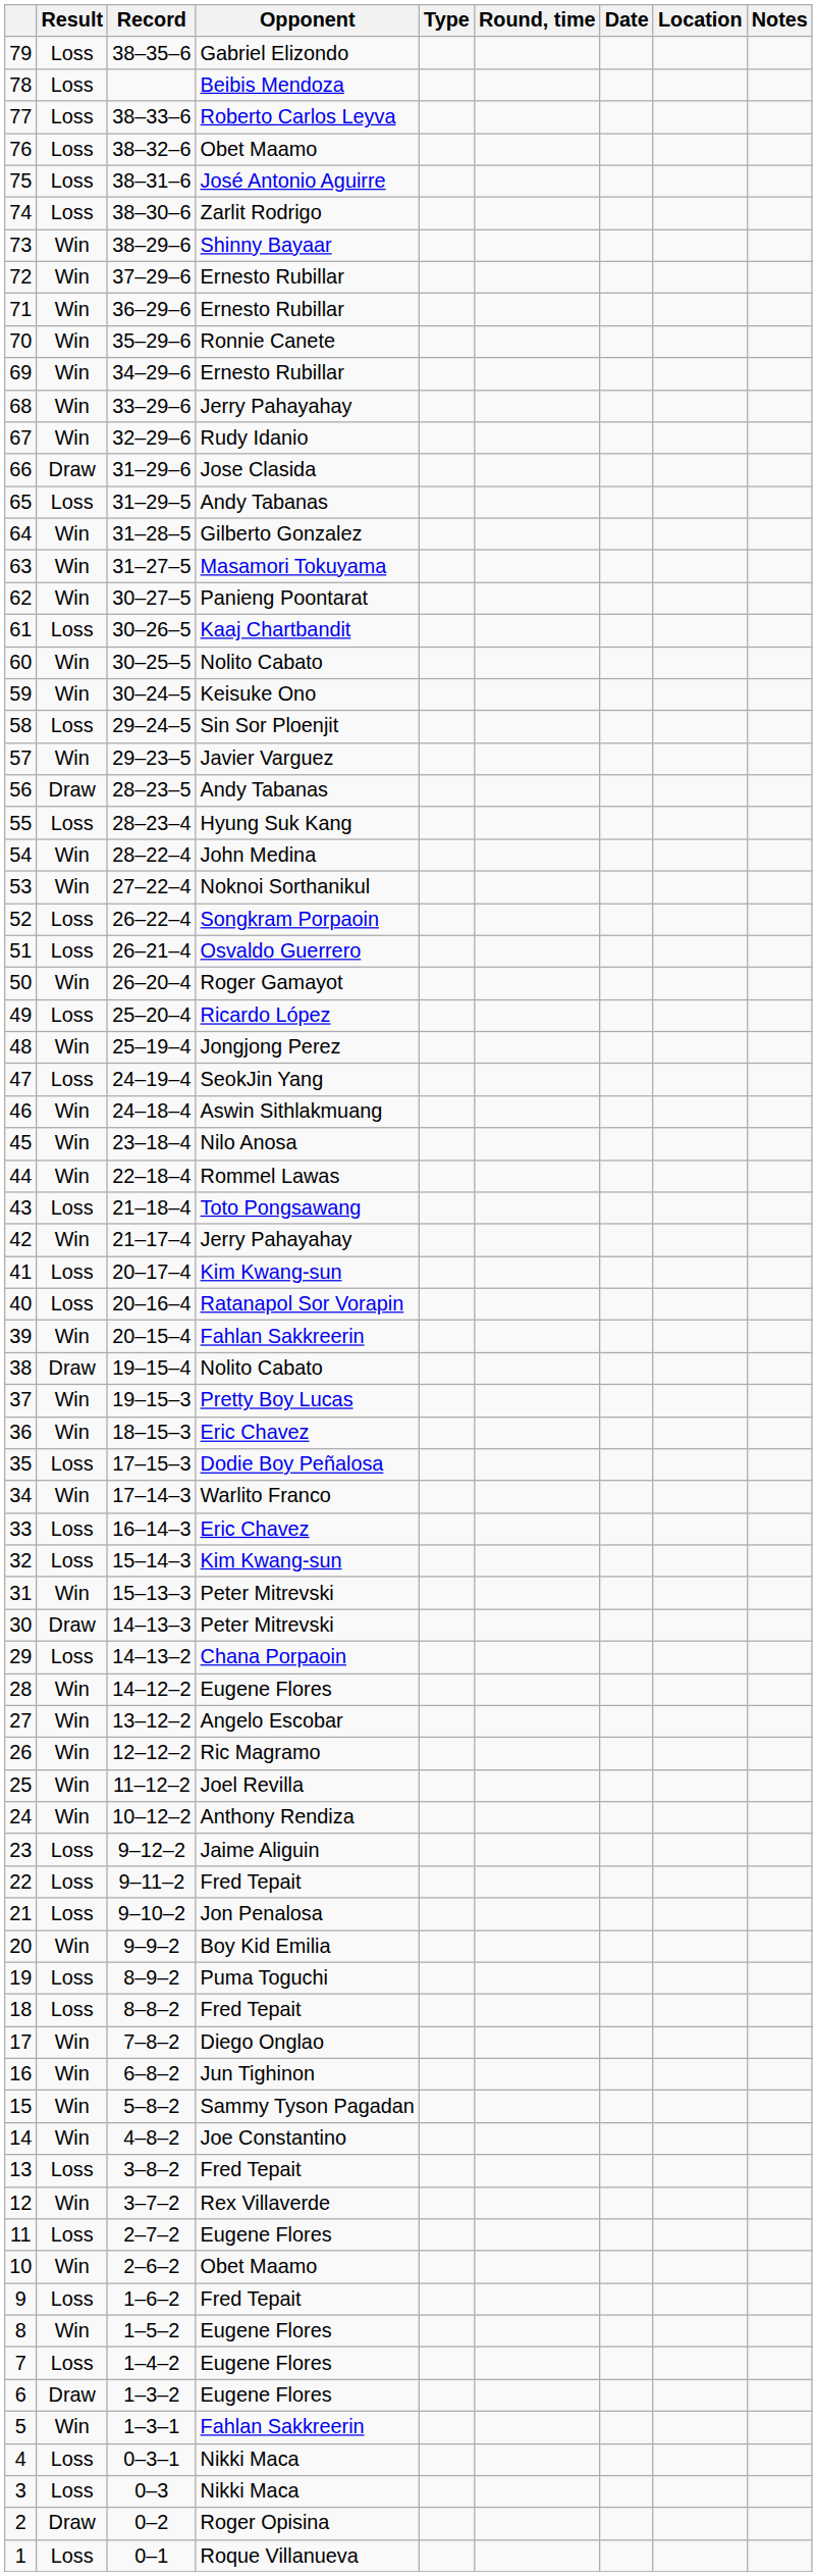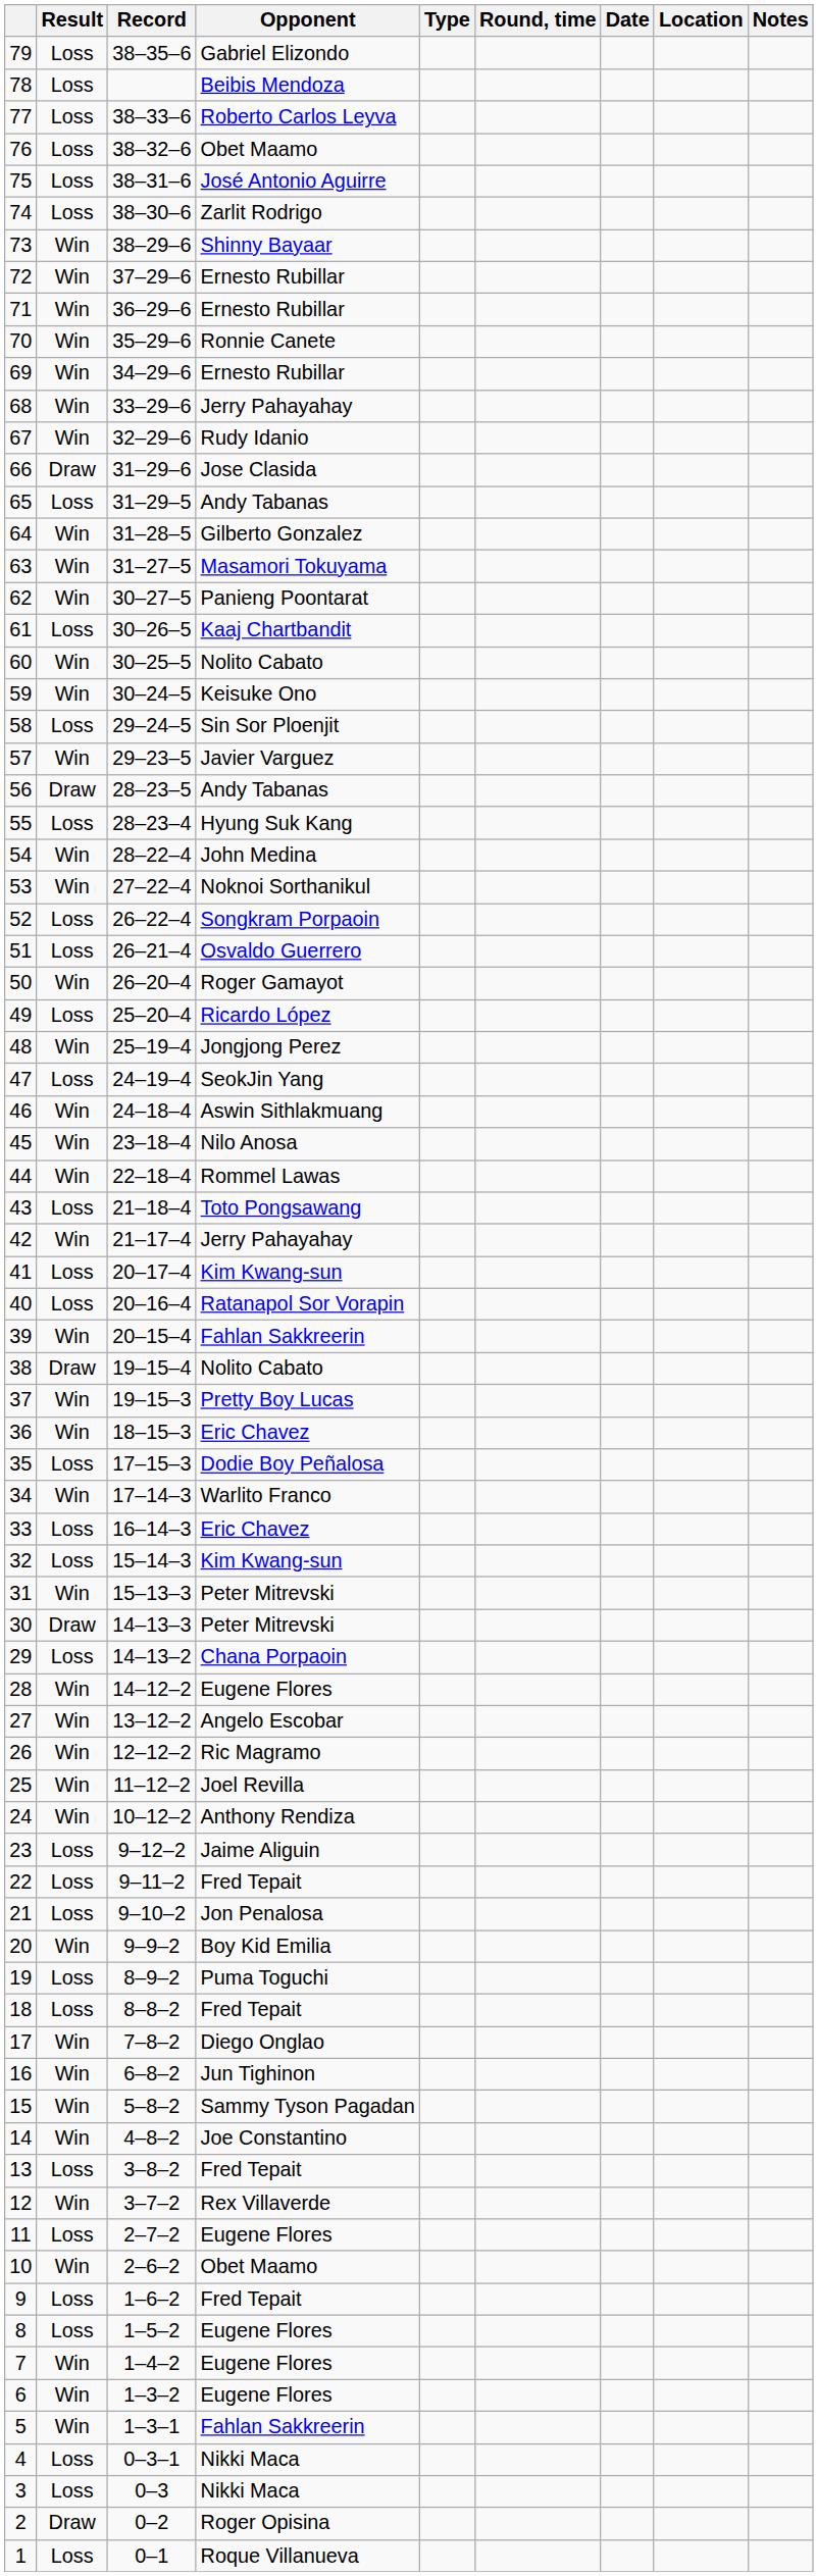 <table class="wikitable" style="text-align:center">
 <tr>
 <th></th>
 <th>Result</th>
 <th>Record</th>
 <th>Opponent</th>
 <th>Type</th>
 <th>Round, time</th>
 <th>Date</th>
 <th>Location</th>
 <th>Notes</th>
 </tr>
 <tr>
 <td>79</td>
 <td>Loss</td>
 <td>38–35–6</td>
 <td align=left>Gabriel Elizondo</td>
 <td></td>
 <td></td>
 <td></td>
 <td align=left></td>
 <td align=left></td>
 </tr>
 <tr>
 <td>78</td>
 <td>Loss</td>
 <td></td>
 <td align=left><a href='#'>Beibis Mendoza</a></td>
 <td></td>
 <td></td>
 <td></td>
 <td align=left></td>
 <td align=left></td>
 </tr>
 <tr>
 <td>77</td>
 <td>Loss</td>
 <td>38–33–6</td>
 <td align=left><a href='#'>Roberto Carlos Leyva</a></td>
 <td></td>
 <td></td>
 <td></td>
 <td align=left></td>
 <td align=left></td>
 </tr>
 <tr>
 <td>76</td>
 <td>Loss</td>
 <td>38–32–6</td>
 <td align=left>Obet Maamo</td>
 <td></td>
 <td></td>
 <td></td>
 <td align=left></td>
 <td align=left></td>
 </tr>
 <tr>
 <td>75</td>
 <td>Loss</td>
 <td>38–31–6</td>
 <td align=left><a href='#'>José Antonio Aguirre</a></td>
 <td></td>
 <td></td>
 <td></td>
 <td align=left></td>
 <td align=left></td>
 </tr>
 <tr>
 <td>74</td>
 <td>Loss</td>
 <td>38–30–6</td>
 <td align=left>Zarlit Rodrigo</td>
 <td></td>
 <td></td>
 <td></td>
 <td align=left></td>
 <td align=left></td>
 </tr>
 <tr>
 <td>73</td>
 <td>Win</td>
 <td>38–29–6</td>
 <td align=left><a href='#'>Shinny Bayaar</a></td>
 <td></td>
 <td></td>
 <td></td>
 <td align=left></td>
 <td align=left></td>
 </tr>
 <tr>
 <td>72</td>
 <td>Win</td>
 <td>37–29–6</td>
 <td align=left>Ernesto Rubillar</td>
 <td></td>
 <td></td>
 <td></td>
 <td align=left></td>
 <td align=left></td>
 </tr>
 <tr>
 <td>71</td>
 <td>Win</td>
 <td>36–29–6</td>
 <td align=left>Ernesto Rubillar</td>
 <td></td>
 <td></td>
 <td></td>
 <td align=left></td>
 <td align=left></td>
 </tr>
 <tr>
 <td>70</td>
 <td>Win</td>
 <td>35–29–6</td>
 <td align=left>Ronnie Canete</td>
 <td></td>
 <td></td>
 <td></td>
 <td align=left></td>
 <td align=left></td>
 </tr>
 <tr>
 <td>69</td>
 <td>Win</td>
 <td>34–29–6</td>
 <td align=left>Ernesto Rubillar</td>
 <td></td>
 <td></td>
 <td></td>
 <td align=left></td>
 <td align=left></td>
 </tr>
 <tr>
 <td>68</td>
 <td>Win</td>
 <td>33–29–6</td>
 <td align=left>Jerry Pahayahay</td>
 <td></td>
 <td></td>
 <td></td>
 <td align=left></td>
 <td align=left></td>
 </tr>
 <tr>
 <td>67</td>
 <td>Win</td>
 <td>32–29–6</td>
 <td align=left>Rudy Idanio</td>
 <td></td>
 <td></td>
 <td></td>
 <td align=left></td>
 <td align=left></td>
 </tr>
 <tr>
 <td>66</td>
 <td>Draw</td>
 <td>31–29–6</td>
 <td align=left>Jose Clasida</td>
 <td></td>
 <td></td>
 <td></td>
 <td align=left></td>
 <td align=left></td>
 </tr>
 <tr>
 <td>65</td>
 <td>Loss</td>
 <td>31–29–5</td>
 <td align=left>Andy Tabanas</td>
 <td></td>
 <td></td>
 <td></td>
 <td align=left></td>
 <td align=left></td>
 </tr>
 <tr>
 <td>64</td>
 <td>Win</td>
 <td>31–28–5</td>
 <td align=left>Gilberto Gonzalez</td>
 <td></td>
 <td></td>
 <td></td>
 <td align=left></td>
 <td align=left></td>
 </tr>
 <tr>
 <td>63</td>
 <td>Win</td>
 <td>31–27–5</td>
 <td align=left><a href='#'>Masamori Tokuyama</a></td>
 <td></td>
 <td></td>
 <td></td>
 <td align=left></td>
 <td align=left></td>
 </tr>
 <tr>
 <td>62</td>
 <td>Win</td>
 <td>30–27–5</td>
 <td align=left>Panieng Poontarat</td>
 <td></td>
 <td></td>
 <td></td>
 <td align=left></td>
 <td align=left></td>
 </tr>
 <tr>
 <td>61</td>
 <td>Loss</td>
 <td>30–26–5</td>
 <td align=left><a href='#'>Kaaj Chartbandit</a></td>
 <td></td>
 <td></td>
 <td></td>
 <td align=left></td>
 <td align=left></td>
 </tr>
 <tr>
 <td>60</td>
 <td>Win</td>
 <td>30–25–5</td>
 <td align=left>Nolito Cabato</td>
 <td></td>
 <td></td>
 <td></td>
 <td align=left></td>
 <td align=left></td>
 </tr>
 <tr>
 <td>59</td>
 <td>Win</td>
 <td>30–24–5</td>
 <td align=left>Keisuke Ono</td>
 <td></td>
 <td></td>
 <td></td>
 <td align=left></td>
 <td align=left></td>
 </tr>
 <tr>
 <td>58</td>
 <td>Loss</td>
 <td>29–24–5</td>
 <td align=left>Sin Sor Ploenjit</td>
 <td></td>
 <td></td>
 <td></td>
 <td align=left></td>
 <td align=left></td>
 </tr>
 <tr>
 <td>57</td>
 <td>Win</td>
 <td>29–23–5</td>
 <td align=left>Javier Varguez</td>
 <td></td>
 <td></td>
 <td></td>
 <td align=left></td>
 <td align=left></td>
 </tr>
 <tr>
 <td>56</td>
 <td>Draw</td>
 <td>28–23–5</td>
 <td align=left>Andy Tabanas</td>
 <td></td>
 <td></td>
 <td></td>
 <td align=left></td>
 <td align=left></td>
 </tr>
 <tr>
 <td>55</td>
 <td>Loss</td>
 <td>28–23–4</td>
 <td align=left>Hyung Suk Kang</td>
 <td></td>
 <td></td>
 <td></td>
 <td align=left></td>
 <td align=left></td>
 </tr>
 <tr>
 <td>54</td>
 <td>Win</td>
 <td>28–22–4</td>
 <td align=left>John Medina</td>
 <td></td>
 <td></td>
 <td></td>
 <td align=left></td>
 <td align=left></td>
 </tr>
 <tr>
 <td>53</td>
 <td>Win</td>
 <td>27–22–4</td>
 <td align=left>Noknoi Sorthanikul</td>
 <td></td>
 <td></td>
 <td></td>
 <td align=left></td>
 <td align=left></td>
 </tr>
 <tr>
 <td>52</td>
 <td>Loss</td>
 <td>26–22–4</td>
 <td align=left><a href='#'>Songkram Porpaoin</a></td>
 <td></td>
 <td></td>
 <td></td>
 <td align=left></td>
 <td align=left></td>
 </tr>
 <tr>
 <td>51</td>
 <td>Loss</td>
 <td>26–21–4</td>
 <td align=left><a href='#'>Osvaldo Guerrero</a></td>
 <td></td>
 <td></td>
 <td></td>
 <td align=left></td>
 <td align=left></td>
 </tr>
 <tr>
 <td>50</td>
 <td>Win</td>
 <td>26–20–4</td>
 <td align=left>Roger Gamayot</td>
 <td></td>
 <td></td>
 <td></td>
 <td align=left></td>
 <td align=left></td>
 </tr>
 <tr>
 <td>49</td>
 <td>Loss</td>
 <td>25–20–4</td>
 <td align=left><a href='#'>Ricardo López</a></td>
 <td></td>
 <td></td>
 <td></td>
 <td align=left></td>
 <td align=left></td>
 </tr>
 <tr>
 <td>48</td>
 <td>Win</td>
 <td>25–19–4</td>
 <td align=left>Jongjong Perez</td>
 <td></td>
 <td></td>
 <td></td>
 <td align=left></td>
 <td align=left></td>
 </tr>
 <tr>
 <td>47</td>
 <td>Loss</td>
 <td>24–19–4</td>
 <td align=left>SeokJin Yang</td>
 <td></td>
 <td></td>
 <td></td>
 <td align=left></td>
 <td align=left></td>
 </tr>
 <tr>
 <td>46</td>
 <td>Win</td>
 <td>24–18–4</td>
 <td align=left>Aswin Sithlakmuang</td>
 <td></td>
 <td></td>
 <td></td>
 <td align=left></td>
 <td align=left></td>
 </tr>
 <tr>
 <td>45</td>
 <td>Win</td>
 <td>23–18–4</td>
 <td align=left>Nilo Anosa</td>
 <td></td>
 <td></td>
 <td></td>
 <td align=left></td>
 <td align=left></td>
 </tr>
 <tr>
 <td>44</td>
 <td>Win</td>
 <td>22–18–4</td>
 <td align=left>Rommel Lawas</td>
 <td></td>
 <td></td>
 <td></td>
 <td align=left></td>
 <td align=left></td>
 </tr>
 <tr>
 <td>43</td>
 <td>Loss</td>
 <td>21–18–4</td>
 <td align=left><a href='#'>Toto Pongsawang</a></td>
 <td></td>
 <td></td>
 <td></td>
 <td align=left></td>
 <td align=left></td>
 </tr>
 <tr>
 <td>42</td>
 <td>Win</td>
 <td>21–17–4</td>
 <td align=left>Jerry Pahayahay</td>
 <td></td>
 <td></td>
 <td></td>
 <td align=left></td>
 <td align=left></td>
 </tr>
 <tr>
 <td>41</td>
 <td>Loss</td>
 <td>20–17–4</td>
 <td align=left><a href='#'>Kim Kwang-sun</a></td>
 <td></td>
 <td></td>
 <td></td>
 <td align=left></td>
 <td align=left></td>
 </tr>
 <tr>
 <td>40</td>
 <td>Loss</td>
 <td>20–16–4</td>
 <td align=left><a href='#'>Ratanapol Sor Vorapin</a></td>
 <td></td>
 <td></td>
 <td></td>
 <td align=left></td>
 <td align=left></td>
 </tr>
 <tr>
 <td>39</td>
 <td>Win</td>
 <td>20–15–4</td>
 <td align=left><a href='#'>Fahlan Sakkreerin</a></td>
 <td></td>
 <td></td>
 <td></td>
 <td align=left></td>
 <td align=left></td>
 </tr>
 <tr>
 <td>38</td>
 <td>Draw</td>
 <td>19–15–4</td>
 <td align=left>Nolito Cabato</td>
 <td></td>
 <td></td>
 <td></td>
 <td align=left></td>
 <td align=left></td>
 </tr>
 <tr>
 <td>37</td>
 <td>Win</td>
 <td>19–15–3</td>
 <td align=left><a href='#'>Pretty Boy Lucas</a></td>
 <td></td>
 <td></td>
 <td></td>
 <td align=left></td>
 <td align=left></td>
 </tr>
 <tr>
 <td>36</td>
 <td>Win</td>
 <td>18–15–3</td>
 <td align=left><a href='#'>Eric Chavez</a></td>
 <td></td>
 <td></td>
 <td></td>
 <td align=left></td>
 <td align=left></td>
 </tr>
 <tr>
 <td>35</td>
 <td>Loss</td>
 <td>17–15–3</td>
 <td align=left><a href='#'>Dodie Boy Peñalosa</a></td>
 <td></td>
 <td></td>
 <td></td>
 <td align=left></td>
 <td align=left></td>
 </tr>
 <tr>
 <td>34</td>
 <td>Win</td>
 <td>17–14–3</td>
 <td align=left>Warlito Franco</td>
 <td></td>
 <td></td>
 <td></td>
 <td align=left></td>
 <td align=left></td>
 </tr>
 <tr>
 <td>33</td>
 <td>Loss</td>
 <td>16–14–3</td>
 <td align=left><a href='#'>Eric Chavez</a></td>
 <td></td>
 <td></td>
 <td></td>
 <td align=left></td>
 <td align=left></td>
 </tr>
 <tr>
 <td>32</td>
 <td>Loss</td>
 <td>15–14–3</td>
 <td align=left><a href='#'>Kim Kwang-sun</a></td>
 <td></td>
 <td></td>
 <td></td>
 <td align=left></td>
 <td align=left></td>
 </tr>
 <tr>
 <td>31</td>
 <td>Win</td>
 <td>15–13–3</td>
 <td align=left>Peter Mitrevski</td>
 <td></td>
 <td></td>
 <td></td>
 <td align=left></td>
 <td align=left></td>
 </tr>
 <tr>
 <td>30</td>
 <td>Draw</td>
 <td>14–13–3</td>
 <td align=left>Peter Mitrevski</td>
 <td></td>
 <td></td>
 <td></td>
 <td align=left></td>
 <td align=left></td>
 </tr>
 <tr>
 <td>29</td>
 <td>Loss</td>
 <td>14–13–2</td>
 <td align=left><a href='#'>Chana Porpaoin</a></td>
 <td></td>
 <td></td>
 <td></td>
 <td align=left></td>
 <td align=left></td>
 </tr>
 <tr>
 <td>28</td>
 <td>Win</td>
 <td>14–12–2</td>
 <td align=left>Eugene Flores</td>
 <td></td>
 <td></td>
 <td></td>
 <td align=left></td>
 <td align=left></td>
 </tr>
 <tr>
 <td>27</td>
 <td>Win</td>
 <td>13–12–2</td>
 <td align=left>Angelo Escobar</td>
 <td></td>
 <td></td>
 <td></td>
 <td align=left></td>
 <td align=left></td>
 </tr>
 <tr>
 <td>26</td>
 <td>Win</td>
 <td>12–12–2</td>
 <td align=left>Ric Magramo</td>
 <td></td>
 <td></td>
 <td></td>
 <td align=left></td>
 <td align=left></td>
 </tr>
 <tr>
 <td>25</td>
 <td>Win</td>
 <td>11–12–2</td>
 <td align=left>Joel Revilla</td>
 <td></td>
 <td></td>
 <td></td>
 <td align=left></td>
 <td align=left></td>
 </tr>
 <tr>
 <td>24</td>
 <td>Win</td>
 <td>10–12–2</td>
 <td align=left>Anthony Rendiza</td>
 <td></td>
 <td></td>
 <td></td>
 <td align=left></td>
 <td align=left></td>
 </tr>
 <tr>
 <td>23</td>
 <td>Loss</td>
 <td>9–12–2</td>
 <td align=left>Jaime Aliguin</td>
 <td></td>
 <td></td>
 <td></td>
 <td align=left></td>
 <td align=left></td>
 </tr>
 <tr>
 <td>22</td>
 <td>Loss</td>
 <td>9–11–2</td>
 <td align=left>Fred Tepait</td>
 <td></td>
 <td></td>
 <td></td>
 <td align=left></td>
 <td align=left></td>
 </tr>
 <tr>
 <td>21</td>
 <td>Loss</td>
 <td>9–10–2</td>
 <td align=left>Jon Penalosa</td>
 <td></td>
 <td></td>
 <td></td>
 <td align=left></td>
 <td align=left></td>
 </tr>
 <tr>
 <td>20</td>
 <td>Win</td>
 <td>9–9–2</td>
 <td align=left>Boy Kid Emilia</td>
 <td></td>
 <td></td>
 <td></td>
 <td align=left></td>
 <td align=left></td>
 </tr>
 <tr>
 <td>19</td>
 <td>Loss</td>
 <td>8–9–2</td>
 <td align=left>Puma Toguchi</td>
 <td></td>
 <td></td>
 <td></td>
 <td align=left></td>
 <td align=left></td>
 </tr>
 <tr>
 <td>18</td>
 <td>Loss</td>
 <td>8–8–2</td>
 <td align=left>Fred Tepait</td>
 <td></td>
 <td></td>
 <td></td>
 <td align=left></td>
 <td align=left></td>
 </tr>
 <tr>
 <td>17</td>
 <td>Win</td>
 <td>7–8–2</td>
 <td align=left>Diego Onglao</td>
 <td></td>
 <td></td>
 <td></td>
 <td align=left></td>
 <td align=left></td>
 </tr>
 <tr>
 <td>16</td>
 <td>Win</td>
 <td>6–8–2</td>
 <td align=left>Jun Tighinon</td>
 <td></td>
 <td></td>
 <td></td>
 <td align=left></td>
 <td align=left></td>
 </tr>
 <tr>
 <td>15</td>
 <td>Win</td>
 <td>5–8–2</td>
 <td align=left>Sammy Tyson Pagadan</td>
 <td></td>
 <td></td>
 <td></td>
 <td align=left></td>
 <td align=left></td>
 </tr>
 <tr>
 <td>14</td>
 <td>Win</td>
 <td>4–8–2</td>
 <td align=left>Joe Constantino</td>
 <td></td>
 <td></td>
 <td></td>
 <td align=left></td>
 <td align=left></td>
 </tr>
 <tr>
 <td>13</td>
 <td>Loss</td>
 <td>3–8–2</td>
 <td align=left>Fred Tepait</td>
 <td></td>
 <td></td>
 <td></td>
 <td align=left></td>
 <td align=left></td>
 </tr>
 <tr>
 <td>12</td>
 <td>Win</td>
 <td>3–7–2</td>
 <td align=left>Rex Villaverde</td>
 <td></td>
 <td></td>
 <td></td>
 <td align=left></td>
 <td align=left></td>
 </tr>
 <tr>
 <td>11</td>
 <td>Loss</td>
 <td>2–7–2</td>
 <td align=left>Eugene Flores</td>
 <td></td>
 <td></td>
 <td></td>
 <td align=left></td>
 <td align=left></td>
 </tr>
 <tr>
 <td>10</td>
 <td>Win</td>
 <td>2–6–2</td>
 <td align=left>Obet Maamo</td>
 <td></td>
 <td></td>
 <td></td>
 <td align=left></td>
 <td align=left></td>
 </tr>
 <tr>
 <td>9</td>
 <td>Loss</td>
 <td>1–6–2</td>
 <td align=left>Fred Tepait</td>
 <td></td>
 <td></td>
 <td></td>
 <td align=left></td>
 <td align=left></td>
 </tr>
 <tr>
 <td>8</td>
-<td>Win</td>
+<td>Loss</td>
 <td>1–5–2</td>
 <td align=left>Eugene Flores</td>
 <td></td>
 <td></td>
 <td></td>
 <td align=left></td>
 <td align=left></td>
 </tr>
 <tr>
 <td>7</td>
-<td>Loss</td>
+<td>Win</td>
 <td>1–4–2</td>
 <td align=left>Eugene Flores</td>
 <td></td>
 <td></td>
 <td></td>
 <td align=left></td>
 <td align=left></td>
 </tr>
 <tr>
 <td>6</td>
-<td>Draw</td>
+<td>Win</td>
 <td>1–3–2</td>
 <td align=left>Eugene Flores</td>
 <td></td>
 <td></td>
 <td></td>
 <td align=left></td>
 <td align=left></td>
 </tr>
 <tr>
 <td>5</td>
 <td>Win</td>
 <td>1–3–1</td>
 <td align=left><a href='#'>Fahlan Sakkreerin</a></td>
 <td></td>
 <td></td>
 <td></td>
 <td align=left></td>
 <td align=left></td>
 </tr>
 <tr>
 <td>4</td>
 <td>Loss</td>
 <td>0–3–1</td>
 <td align=left>Nikki Maca</td>
 <td></td>
 <td></td>
 <td></td>
 <td align=left></td>
 <td align=left></td>
 </tr>
 <tr>
 <td>3</td>
 <td>Loss</td>
 <td>0–3</td>
 <td align=left>Nikki Maca</td>
 <td></td>
 <td></td>
 <td></td>
 <td align=left></td>
 <td align=left></td>
 </tr>
 <tr>
 <td>2</td>
 <td>Draw</td>
 <td>0–2</td>
 <td align=left>Roger Opisina</td>
 <td></td>
 <td></td>
 <td></td>
 <td align=left></td>
 <td align=left></td>
 </tr>
 <tr>
 <td>1</td>
 <td>Loss</td>
 <td>0–1</td>
 <td align=left>Roque Villanueva</td>
 <td></td>
 <td></td>
 <td></td>
 <td align=left></td>
 <td align=left></td>
 </tr>
 </table>
